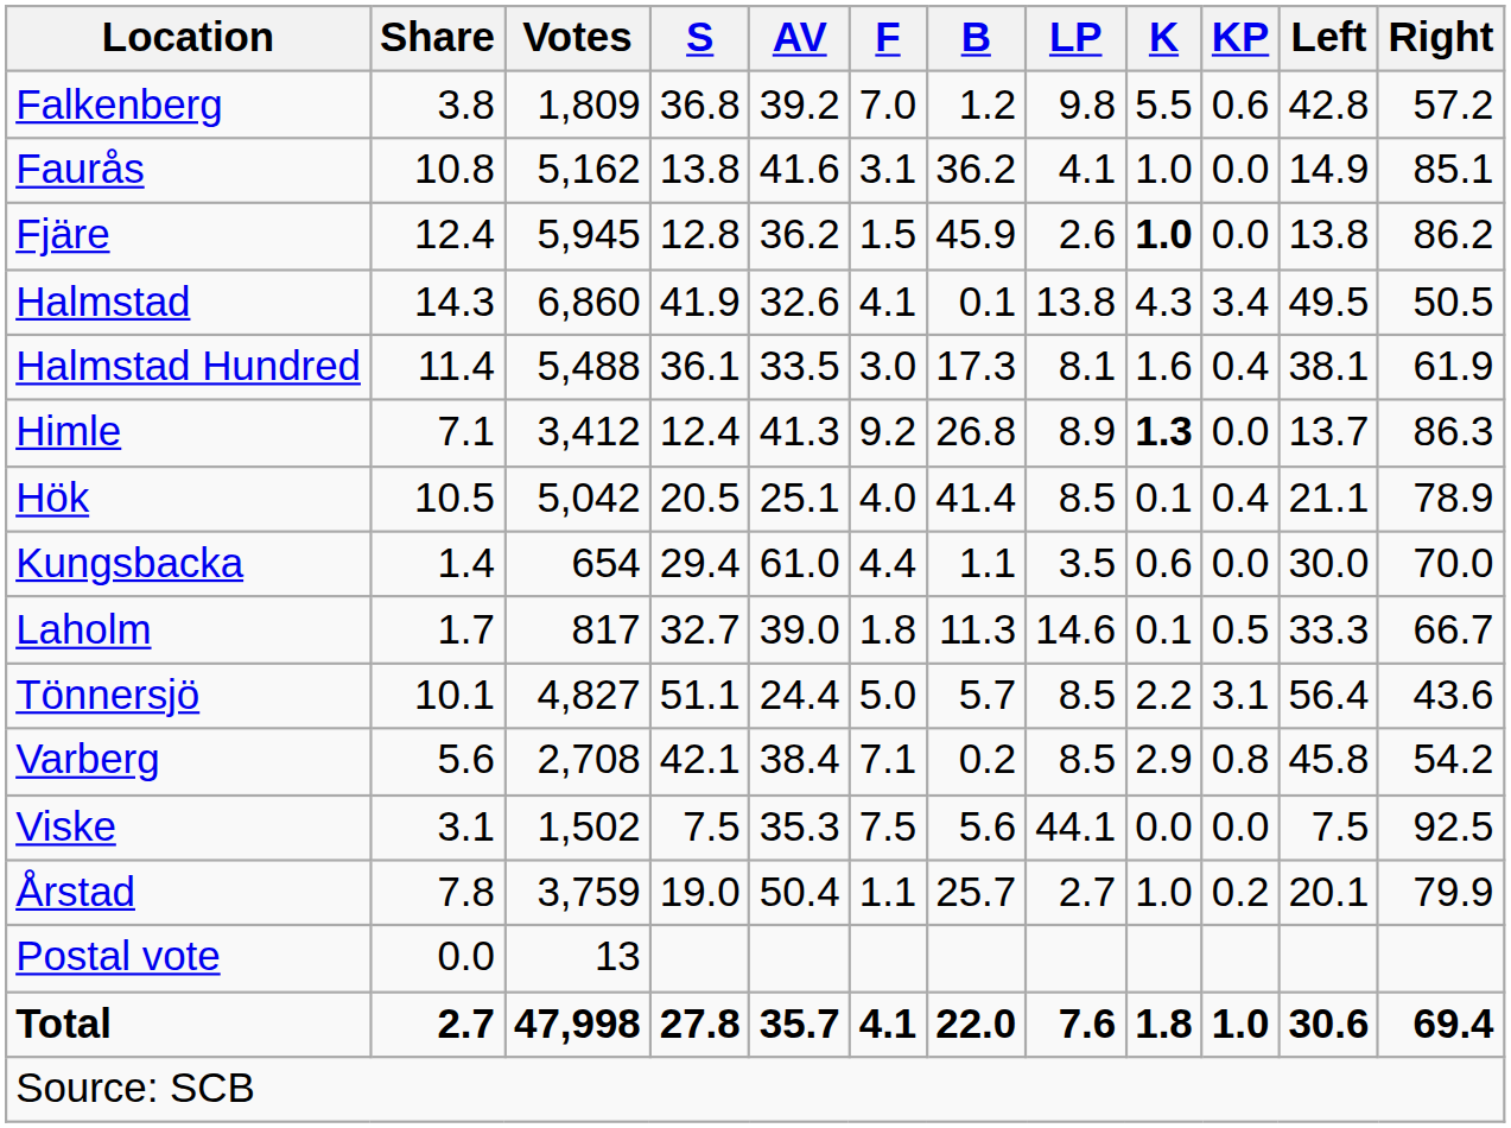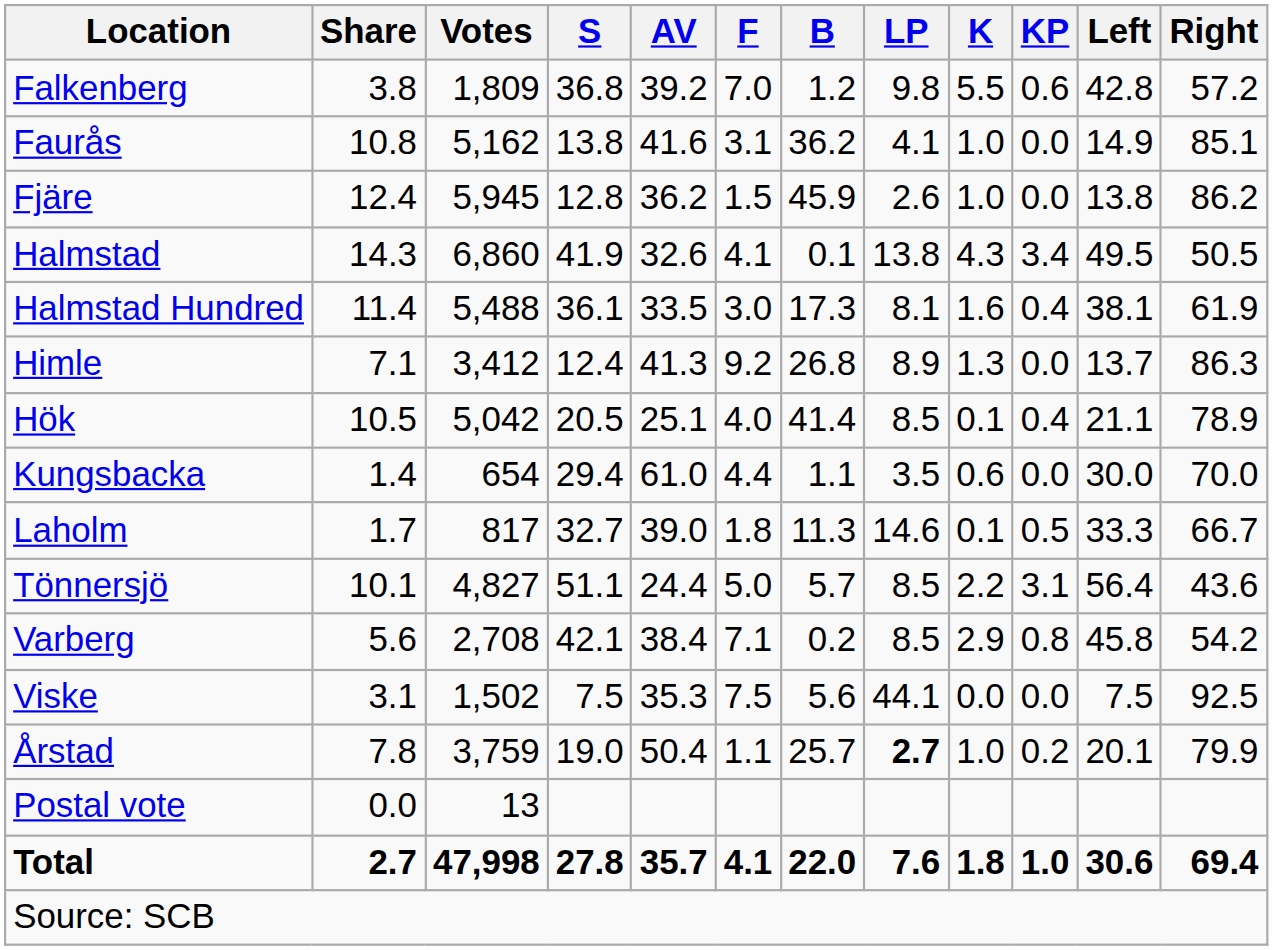 <table class="wikitable sortable" style=text-align:right>
 <tr>
 <th>Location</th>
 <th>Share</th>
 <th>Votes</th>
 <th><a href='#'>S</a></th>
 <th><a href='#'>AV</a></th>
 <th><a href='#'>F</a></th>
 <th><a href='#'>B</a></th>
 <th><a href='#'>LP</a></th>
 <th><a href='#'>K</a></th>
 <th><a href='#'>KP</a></th>
 <th>Left</th>
 <th>Right</th>
 </tr>
 <tr>
 <td align=left><a href='#'>Falkenberg</a></td>
 <td>3.8</td>
 <td>1,809</td>
 <td>36.8</td>
 <td>39.2</td>
 <td>7.0</td>
 <td>1.2</td>
 <td>9.8</td>
 <td>5.5</td>
 <td>0.6</td>
 <td>42.8</td>
 <td>57.2</td>
 </tr>
 <tr>
 <td align=left><a href='#'>Faurås</a></td>
 <td>10.8</td>
 <td>5,162</td>
 <td>13.8</td>
 <td>41.6</td>
 <td>3.1</td>
 <td>36.2</td>
 <td>4.1</td>
 <td>1.0</td>
 <td>0.0</td>
 <td>14.9</td>
 <td>85.1</td>
 </tr>
 <tr>
 <td align=left><a href='#'>Fjäre</a></td>
 <td>12.4</td>
 <td>5,945</td>
 <td>12.8</td>
 <td>36.2</td>
 <td>1.5</td>
 <td>45.9</td>
 <td>2.6</td>
-<td><strong>1.0</strong></td>
+<td>1.0</td>
 <td>0.0</td>
 <td>13.8</td>
 <td>86.2</td>
 </tr>
 <tr>
 <td align=left><a href='#'>Halmstad</a></td>
 <td>14.3</td>
 <td>6,860</td>
 <td>41.9</td>
 <td>32.6</td>
 <td>4.1</td>
 <td>0.1</td>
 <td>13.8</td>
 <td>4.3</td>
 <td>3.4</td>
 <td>49.5</td>
 <td>50.5</td>
 </tr>
 <tr>
 <td align=left><a href='#'>Halmstad Hundred</a></td>
 <td>11.4</td>
 <td>5,488</td>
 <td>36.1</td>
 <td>33.5</td>
 <td>3.0</td>
 <td>17.3</td>
 <td>8.1</td>
 <td>1.6</td>
 <td>0.4</td>
 <td>38.1</td>
 <td>61.9</td>
 </tr>
 <tr>
 <td align=left><a href='#'>Himle</a></td>
 <td>7.1</td>
 <td>3,412</td>
 <td>12.4</td>
 <td>41.3</td>
 <td>9.2</td>
 <td>26.8</td>
 <td>8.9</td>
-<td><strong>1.3</strong></td>
+<td>1.3</td>
 <td>0.0</td>
 <td>13.7</td>
 <td>86.3</td>
 </tr>
 <tr>
 <td align=left><a href='#'>Hök</a></td>
 <td>10.5</td>
 <td>5,042</td>
 <td>20.5</td>
 <td>25.1</td>
 <td>4.0</td>
 <td>41.4</td>
 <td>8.5</td>
 <td>0.1</td>
 <td>0.4</td>
 <td>21.1</td>
 <td>78.9</td>
 </tr>
 <tr>
 <td align=left><a href='#'>Kungsbacka</a></td>
 <td>1.4</td>
 <td>654</td>
 <td>29.4</td>
 <td>61.0</td>
 <td>4.4</td>
 <td>1.1</td>
 <td>3.5</td>
 <td>0.6</td>
 <td>0.0</td>
 <td>30.0</td>
 <td>70.0</td>
 </tr>
 <tr>
 <td align=left><a href='#'>Laholm</a></td>
 <td>1.7</td>
 <td>817</td>
 <td>32.7</td>
 <td>39.0</td>
 <td>1.8</td>
 <td>11.3</td>
 <td>14.6</td>
 <td>0.1</td>
 <td>0.5</td>
 <td>33.3</td>
 <td>66.7</td>
 </tr>
 <tr>
 <td align=left><a href='#'>Tönnersjö</a></td>
 <td>10.1</td>
 <td>4,827</td>
 <td>51.1</td>
 <td>24.4</td>
 <td>5.0</td>
 <td>5.7</td>
 <td>8.5</td>
 <td>2.2</td>
 <td>3.1</td>
 <td>56.4</td>
 <td>43.6</td>
 </tr>
 <tr>
 <td align=left><a href='#'>Varberg</a></td>
 <td>5.6</td>
 <td>2,708</td>
 <td>42.1</td>
 <td>38.4</td>
 <td>7.1</td>
 <td>0.2</td>
 <td>8.5</td>
 <td>2.9</td>
 <td>0.8</td>
 <td>45.8</td>
 <td>54.2</td>
 </tr>
 <tr>
 <td align=left><a href='#'>Viske</a></td>
 <td>3.1</td>
 <td>1,502</td>
 <td>7.5</td>
 <td>35.3</td>
 <td>7.5</td>
 <td>5.6</td>
 <td>44.1</td>
 <td>0.0</td>
 <td>0.0</td>
 <td>7.5</td>
 <td>92.5</td>
 </tr>
 <tr>
 <td align=left><a href='#'>Årstad</a></td>
 <td>7.8</td>
 <td>3,759</td>
 <td>19.0</td>
 <td>50.4</td>
 <td>1.1</td>
 <td>25.7</td>
-<td>2.7</td>
+<td><strong>2.7</strong></td>
 <td>1.0</td>
 <td>0.2</td>
 <td>20.1</td>
 <td>79.9</td>
 </tr>
 <tr>
 <td align=left><a href='#'>Postal vote</a></td>
 <td>0.0</td>
 <td>13</td>
 <td></td>
 <td></td>
 <td></td>
 <td></td>
 <td></td>
 <td></td>
 <td></td>
 <td></td>
 <td></td>
 </tr>
 <tr>
 <td align=left><strong>Total</strong></td>
 <td><strong>2.7</strong></td>
 <td><strong>47,998</strong></td>
 <td><strong>27.8</strong></td>
 <td><strong>35.7</strong></td>
 <td><strong>4.1</strong></td>
 <td><strong>22.0</strong></td>
 <td><strong>7.6</strong></td>
 <td><strong>1.8</strong></td>
 <td><strong>1.0</strong></td>
 <td><strong>30.6</strong></td>
 <td><strong>69.4</strong></td>
 </tr>
 <tr>
 <td align=left colspan=13>Source: SCB </td>
 </tr>
 </table>
